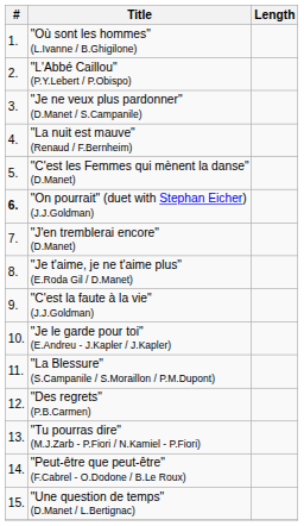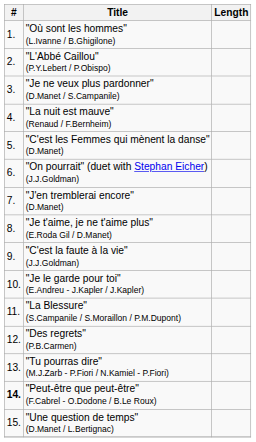 <table class="wikitable" size=80%>
 <tr>
 <th>#</th>
 <th>Title</th>
 <th>Length</th>
 </tr>
 <tr>
 <td>1.</td>
 <td>"Où sont les hommes" <br><small>(L.Ivanne / B.Ghigilone)</small></td>
 <td></td>
 </tr>
 <tr>
 <td>2.</td>
 <td>"L'Abbé Caillou" <br><small>(P.Y.Lebert / P.Obispo)</small></td>
 <td></td>
 </tr>
 <tr>
 <td>3.</td>
 <td>"Je ne veux plus pardonner" <br><small>(D.Manet / S.Campanile)</small></td>
 <td></td>
 </tr>
 <tr>
 <td>4.</td>
 <td>"La nuit est mauve" <br><small>(Renaud / F.Bernheim)</small></td>
 <td></td>
 </tr>
 <tr>
 <td>5.</td>
 <td>"C'est les Femmes qui mènent la danse" <br><small>(D.Manet)</small></td>
 <td></td>
 </tr>
 <tr>
-<td><strong>6.</strong></td>
+<td>6.</td>
 <td>"On pourrait" (duet with <a href='#'>Stephan Eicher</a>)<br><small>(J.J.Goldman)</small></td>
 <td></td>
 </tr>
 <tr>
 <td>7.</td>
 <td>"J'en tremblerai encore" <br><small>(D.Manet)</small></td>
 <td></td>
 </tr>
 <tr>
 <td>8.</td>
 <td>"Je t'aime, je ne t'aime plus" <br><small>(E.Roda Gil / D.Manet)</small></td>
 <td></td>
 </tr>
 <tr>
 <td>9.</td>
 <td>"C'est la faute à la vie" <br><small>(J.J.Goldman)</small></td>
 <td></td>
 </tr>
 <tr>
 <td>10.</td>
 <td>"Je le garde pour toi" <br><small>(E.Andreu - J.Kapler / J.Kapler)</small></td>
 <td></td>
 </tr>
 <tr>
 <td>11.</td>
 <td>"La Blessure" <br><small>(S.Campanile / S.Moraillon / P.M.Dupont)</small></td>
 <td></td>
 </tr>
 <tr>
 <td>12.</td>
 <td>"Des regrets" <br><small>(P.B.Carmen)</small></td>
 <td></td>
 </tr>
 <tr>
 <td>13.</td>
 <td>"Tu pourras dire" <br><small>(M.J.Zarb - P.Fiori / N.Kamiel - P.Fiori)</small></td>
 <td></td>
 </tr>
 <tr>
-<td>14.</td>
+<td><strong>14.</strong></td>
 <td>"Peut-être que peut-être" <br><small>(F.Cabrel - O.Dodone / B.Le Roux)</small></td>
 <td></td>
 </tr>
 <tr>
 <td>15.</td>
 <td>"Une question de temps" <br><small>(D.Manet / L.Bertignac)</small></td>
 <td></td>
 </tr>
 <tr>
 </tr>
 </table>
